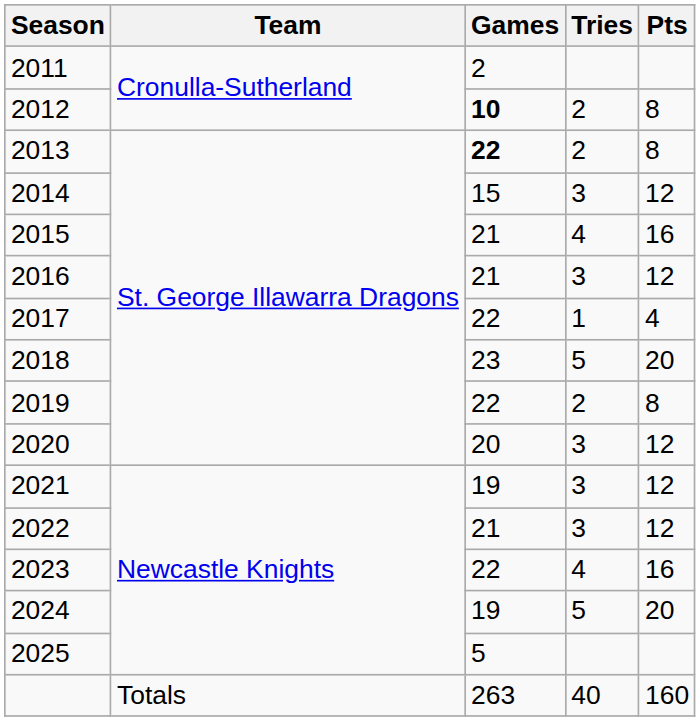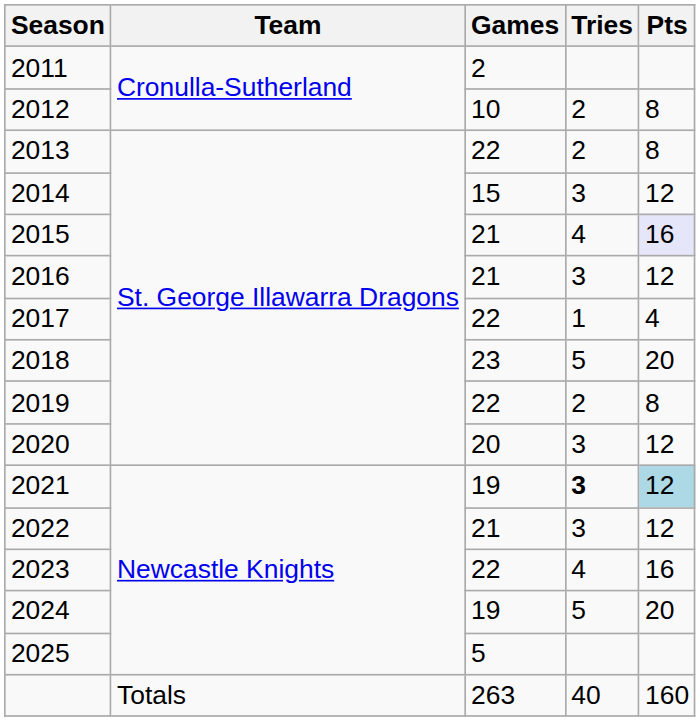 <table class="wikitable">
 <tr>
 <th>Season</th>
 <th>Team</th>
 <th>Games</th>
 <th>Tries</th>
 <th>Pts</th>
 </tr>
 <tr>
 <td>2011</td>
 <td rowspan="2"> <a href='#'>Cronulla-Sutherland</a></td>
 <td>2</td>
 <td></td>
 <td></td>
 </tr>
 <tr>
 <td>2012</td>
-<td><strong>10</strong></td>
+<td>10</td>
 <td>2</td>
 <td>8</td>
 </tr>
 <tr>
 <td>2013</td>
 <td rowspan="8"> <a href='#'>St. George Illawarra Dragons</a></td>
-<td><strong>22</strong></td>
+<td>22</td>
 <td>2</td>
 <td>8</td>
 </tr>
 <tr>
 <td>2014</td>
 <td>15</td>
 <td>3</td>
 <td>12</td>
 </tr>
 <tr>
 <td>2015</td>
 <td>21</td>
 <td>4</td>
-<td>16</td>
+<td style="background: lavender;">16</td>
 </tr>
 <tr>
 <td>2016</td>
 <td>21</td>
 <td>3</td>
 <td>12</td>
 </tr>
 <tr>
 <td>2017</td>
 <td>22</td>
 <td>1</td>
 <td>4</td>
 </tr>
 <tr>
 <td>2018</td>
 <td>23</td>
 <td>5</td>
 <td>20</td>
 </tr>
 <tr>
 <td>2019</td>
 <td>22</td>
 <td>2</td>
 <td>8</td>
 </tr>
 <tr>
 <td>2020</td>
 <td>20</td>
 <td>3</td>
 <td>12</td>
 </tr>
 <tr>
 <td>2021</td>
 <td rowspan="5">  <a href='#'>Newcastle Knights</a></td>
 <td>19</td>
-<td>3</td>
-<td>12</td>
+<td><strong>3</strong></td>
+<td style="background: lightblue;">12</td>
 </tr>
 <tr>
 <td>2022</td>
 <td>21</td>
 <td>3</td>
 <td>12</td>
 </tr>
 <tr>
 <td>2023</td>
 <td>22</td>
 <td>4</td>
 <td>16</td>
 </tr>
 <tr>
 <td>2024</td>
 <td>19</td>
 <td>5</td>
 <td>20</td>
 </tr>
 <tr>
 <td>2025</td>
 <td>5</td>
 <td></td>
 <td></td>
 </tr>
 <tr>
 <td></td>
 <td>Totals</td>
 <td>263</td>
 <td>40</td>
 <td>160</td>
 </tr>
 </table>
